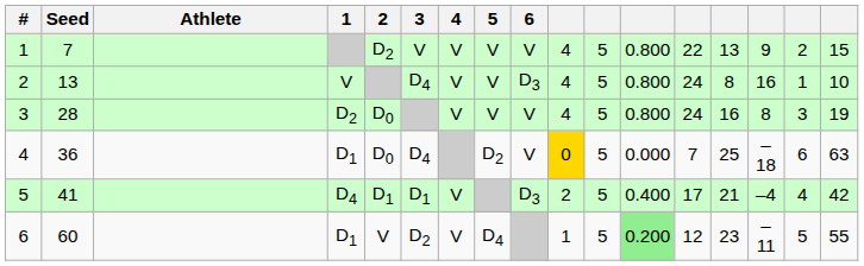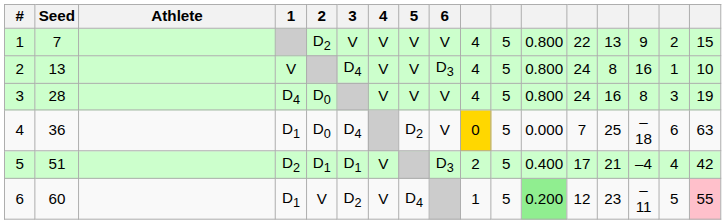 <table class="wikitable" style="text-align:center">
 <tr>
 <th width="25">#</th>
 <th width="25">Seed</th>
 <th width="200">Athlete</th>
 <th width="25">1</th>
 <th width="25">2</th>
 <th width="25">3</th>
 <th width="25">4</th>
 <th width="25">5</th>
 <th width="25">6</th>
 <th width="25"></th>
 <th width="25"></th>
 <th width="40"></th>
 <th width="25"></th>
 <th width="25"></th>
 <th width="25"></th>
 <th width="25"></th>
 <th width="25"></th>
 </tr>
 <tr bgcolor="#ccffcc">
 <td>1</td>
 <td>7</td>
 <td align=left></td>
 <td bgcolor="#cccccc"></td>
 <td>D<sub>2</sub></td>
 <td>V</td>
 <td>V</td>
 <td>V</td>
 <td>V</td>
 <td>4</td>
 <td>5</td>
 <td>0.800</td>
 <td>22</td>
 <td>13</td>
 <td>9</td>
 <td>2</td>
 <td>15</td>
 </tr>
 <tr bgcolor="#ccffcc">
 <td>2</td>
 <td>13</td>
 <td align=left></td>
 <td>V</td>
 <td bgcolor="#cccccc"></td>
 <td>D<sub>4</sub></td>
 <td>V</td>
 <td>V</td>
 <td>D<sub>3</sub></td>
 <td>4</td>
 <td>5</td>
 <td>0.800</td>
 <td>24</td>
 <td>8</td>
 <td>16</td>
 <td>1</td>
 <td>10</td>
 </tr>
 <tr bgcolor="#ccffcc">
 <td>3</td>
 <td>28</td>
 <td align=left></td>
-<td>D<sub>2</sub></td>
+<td>D<sub>4</sub></td>
 <td>D<sub>0</sub></td>
 <td bgcolor="#cccccc"></td>
 <td>V</td>
 <td>V</td>
 <td>V</td>
 <td>4</td>
 <td>5</td>
 <td>0.800</td>
 <td>24</td>
 <td>16</td>
 <td>8</td>
 <td>3</td>
 <td>19</td>
 </tr>
 <tr>
 <td>4</td>
 <td>36</td>
 <td align=left></td>
 <td>D<sub>1</sub></td>
 <td>D<sub>0</sub></td>
 <td>D<sub>4</sub></td>
 <td bgcolor="#cccccc"></td>
 <td>D<sub>2</sub></td>
 <td>V</td>
 <td style="background: gold;">0</td>
 <td>5</td>
 <td>0.000</td>
 <td>7</td>
 <td>25</td>
 <td>–18</td>
 <td>6</td>
 <td>63</td>
 </tr>
 <tr bgcolor="#ccffcc">
 <td>5</td>
-<td>41</td>
+<td>51</td>
 <td align=left></td>
-<td>D<sub>4</sub></td>
+<td>D<sub>2</sub></td>
 <td>D<sub>1</sub></td>
 <td>D<sub>1</sub></td>
 <td>V</td>
 <td bgcolor="#cccccc"></td>
 <td>D<sub>3</sub></td>
 <td>2</td>
 <td>5</td>
 <td>0.400</td>
 <td>17</td>
 <td>21</td>
 <td>–4</td>
 <td>4</td>
 <td>42</td>
 </tr>
 <tr>
 <td>6</td>
 <td>60</td>
 <td align=left></td>
 <td>D<sub>1</sub></td>
 <td>V</td>
 <td>D<sub>2</sub></td>
 <td>V</td>
 <td>D<sub>4</sub></td>
 <td bgcolor="#cccccc"></td>
 <td>1</td>
 <td>5</td>
 <td style="background: lightgreen;">0.200</td>
 <td>12</td>
 <td>23</td>
 <td>–11</td>
 <td>5</td>
-<td>55</td>
+<td style="background: pink;">55</td>
 </tr>
 </table>
